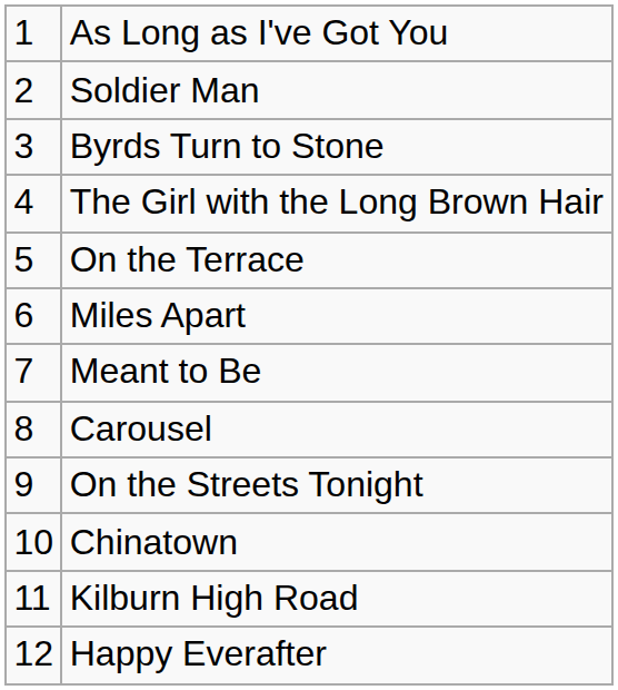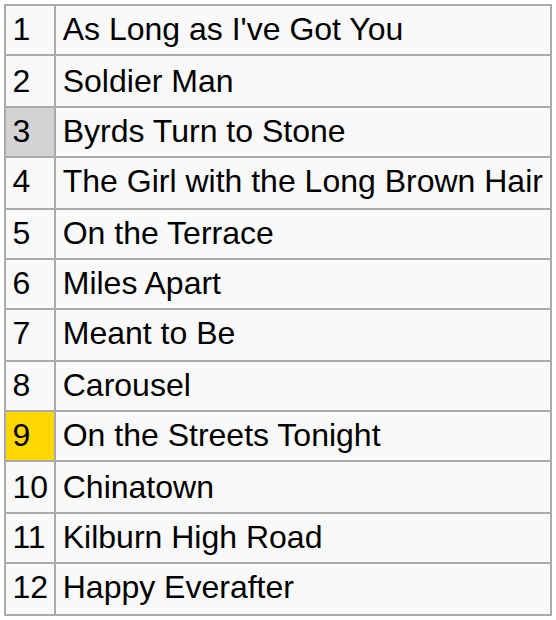 <table class="wikitable">
 <tr>
 <td>1</td>
 <td>As Long as I've Got You</td>
 </tr>
 <tr>
 <td>2</td>
 <td>Soldier Man</td>
 </tr>
 <tr>
-<td>3</td>
+<td style="background: lightgrey;">3</td>
 <td>Byrds Turn to Stone</td>
 </tr>
 <tr>
 <td>4</td>
 <td>The Girl with the Long Brown Hair</td>
 </tr>
 <tr>
 <td>5</td>
 <td>On the Terrace</td>
 </tr>
 <tr>
 <td>6</td>
 <td>Miles Apart</td>
 </tr>
 <tr>
 <td>7</td>
 <td>Meant to Be</td>
 </tr>
 <tr>
 <td>8</td>
 <td>Carousel</td>
 </tr>
 <tr>
-<td>9</td>
+<td style="background: gold;">9</td>
 <td>On the Streets Tonight</td>
 </tr>
 <tr>
 <td>10</td>
 <td>Chinatown</td>
 </tr>
 <tr>
 <td>11</td>
 <td>Kilburn High Road</td>
 </tr>
 <tr>
 <td>12</td>
 <td>Happy Everafter</td>
 </tr>
 </table>
